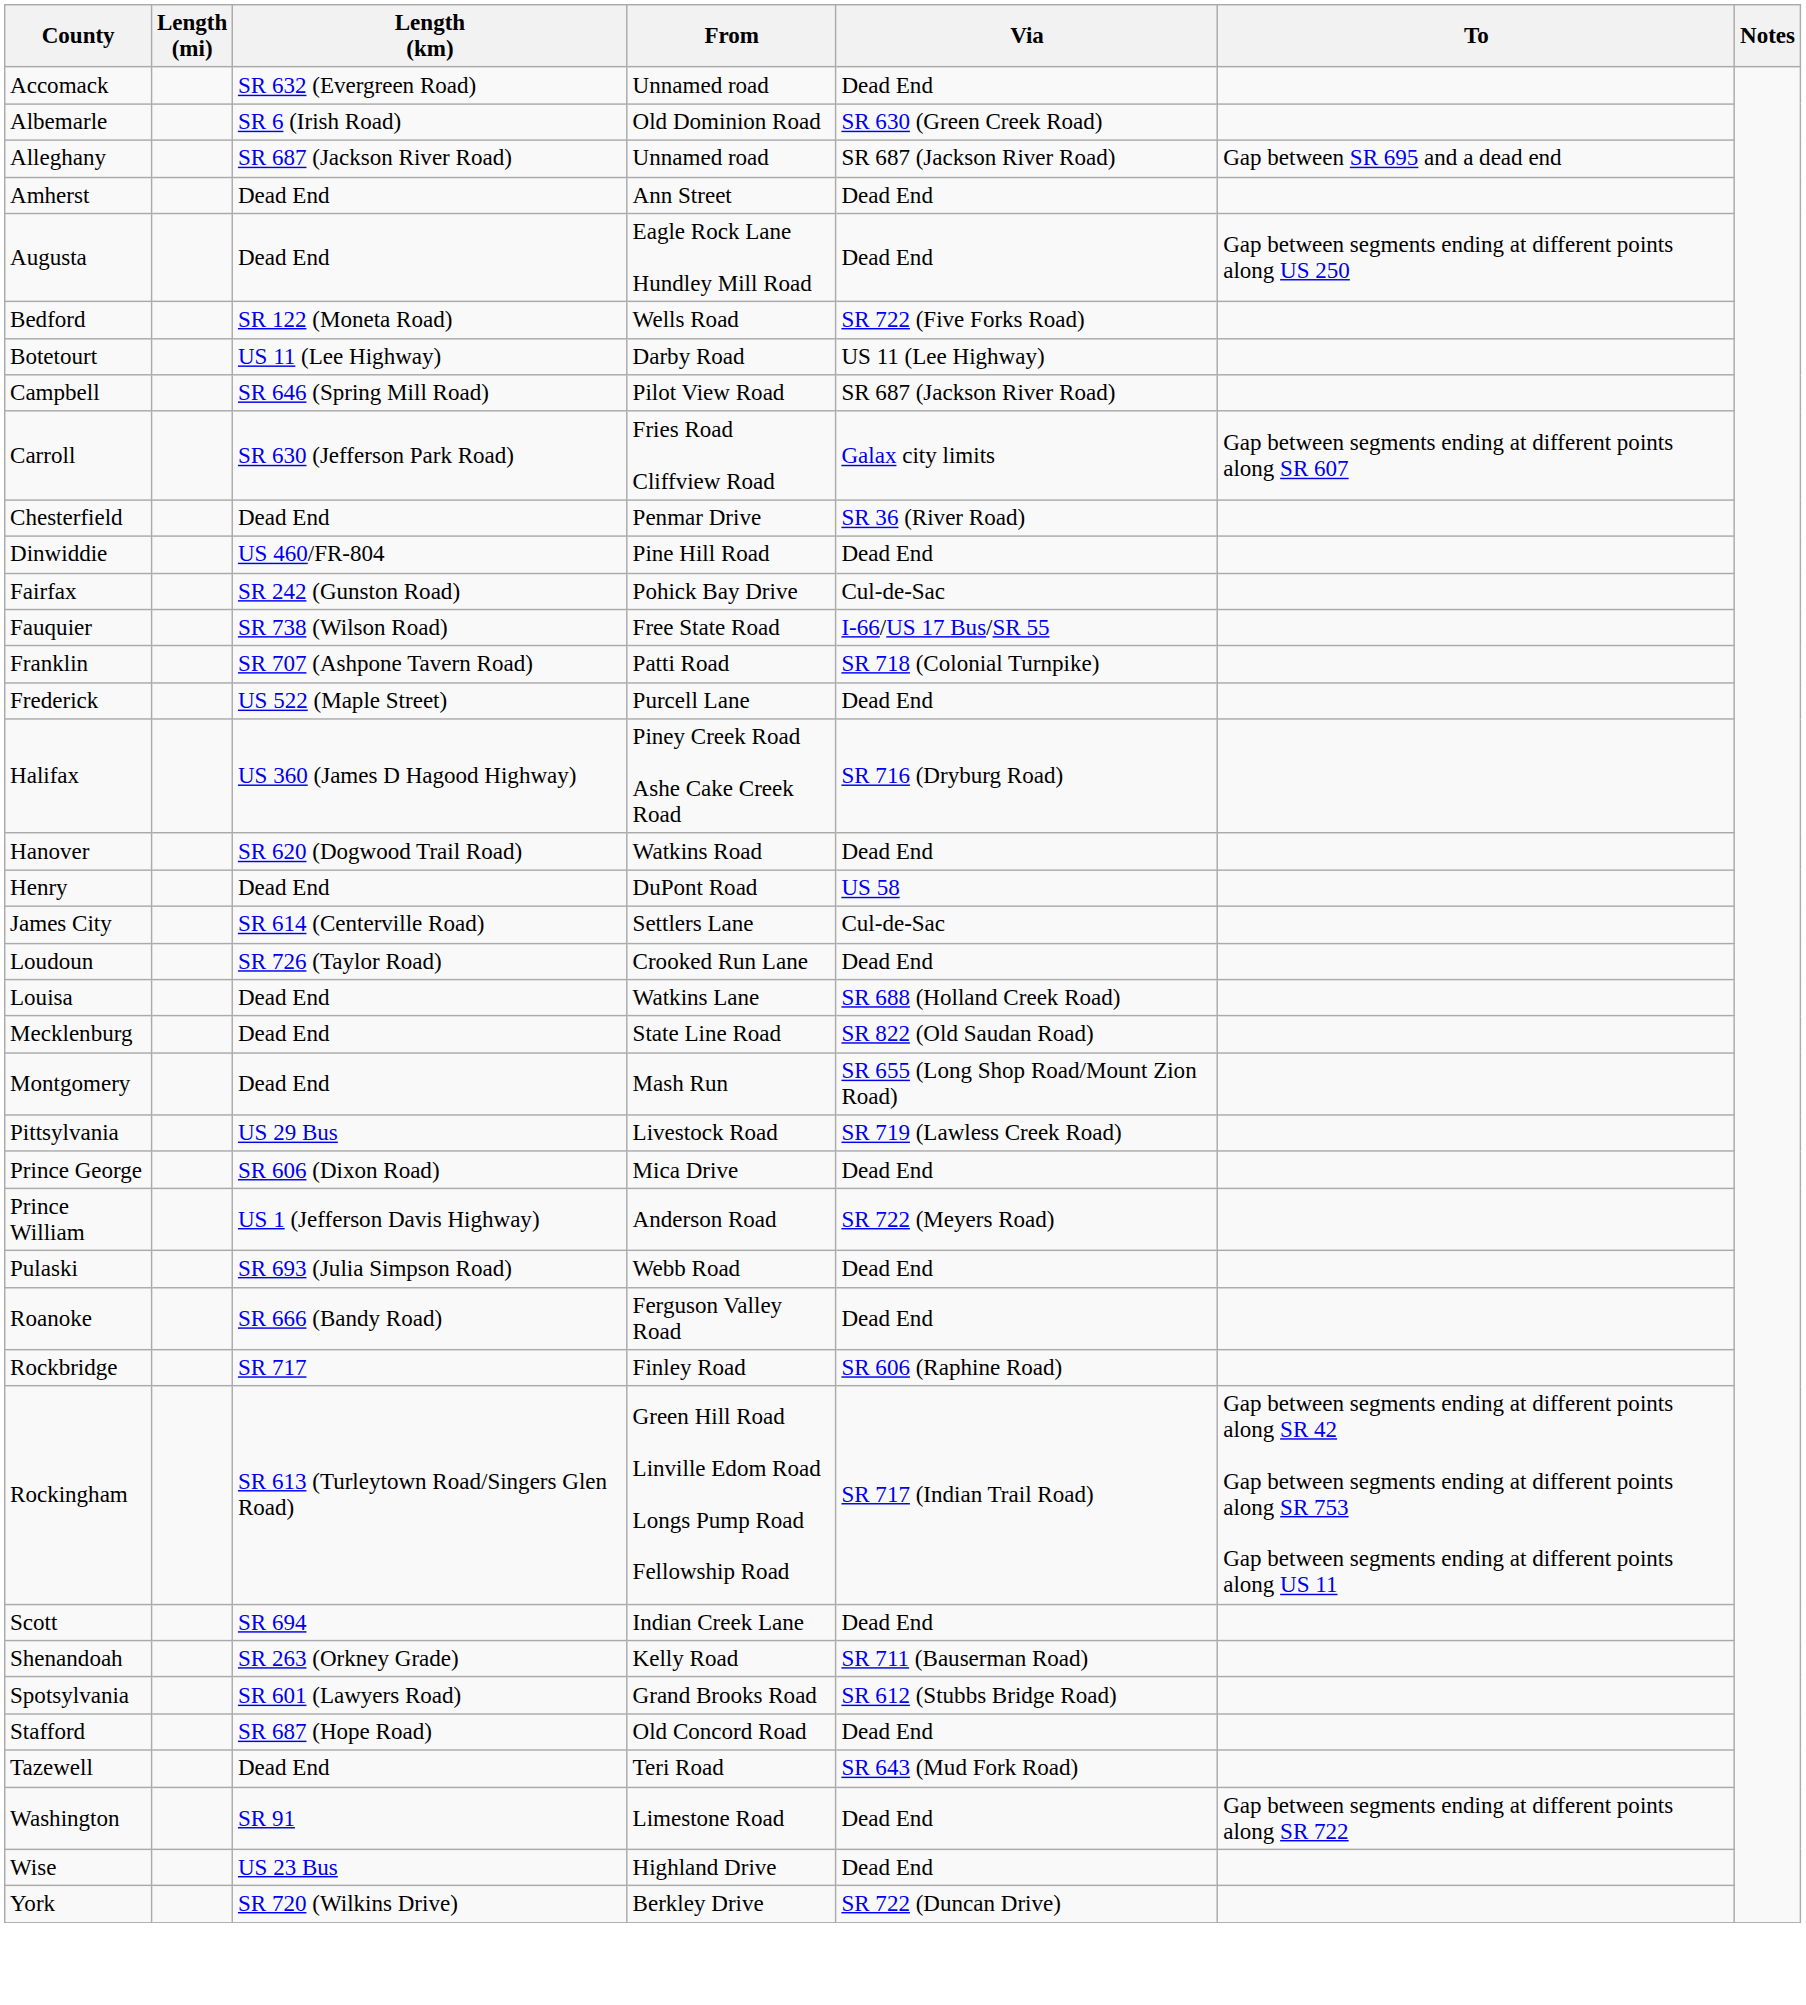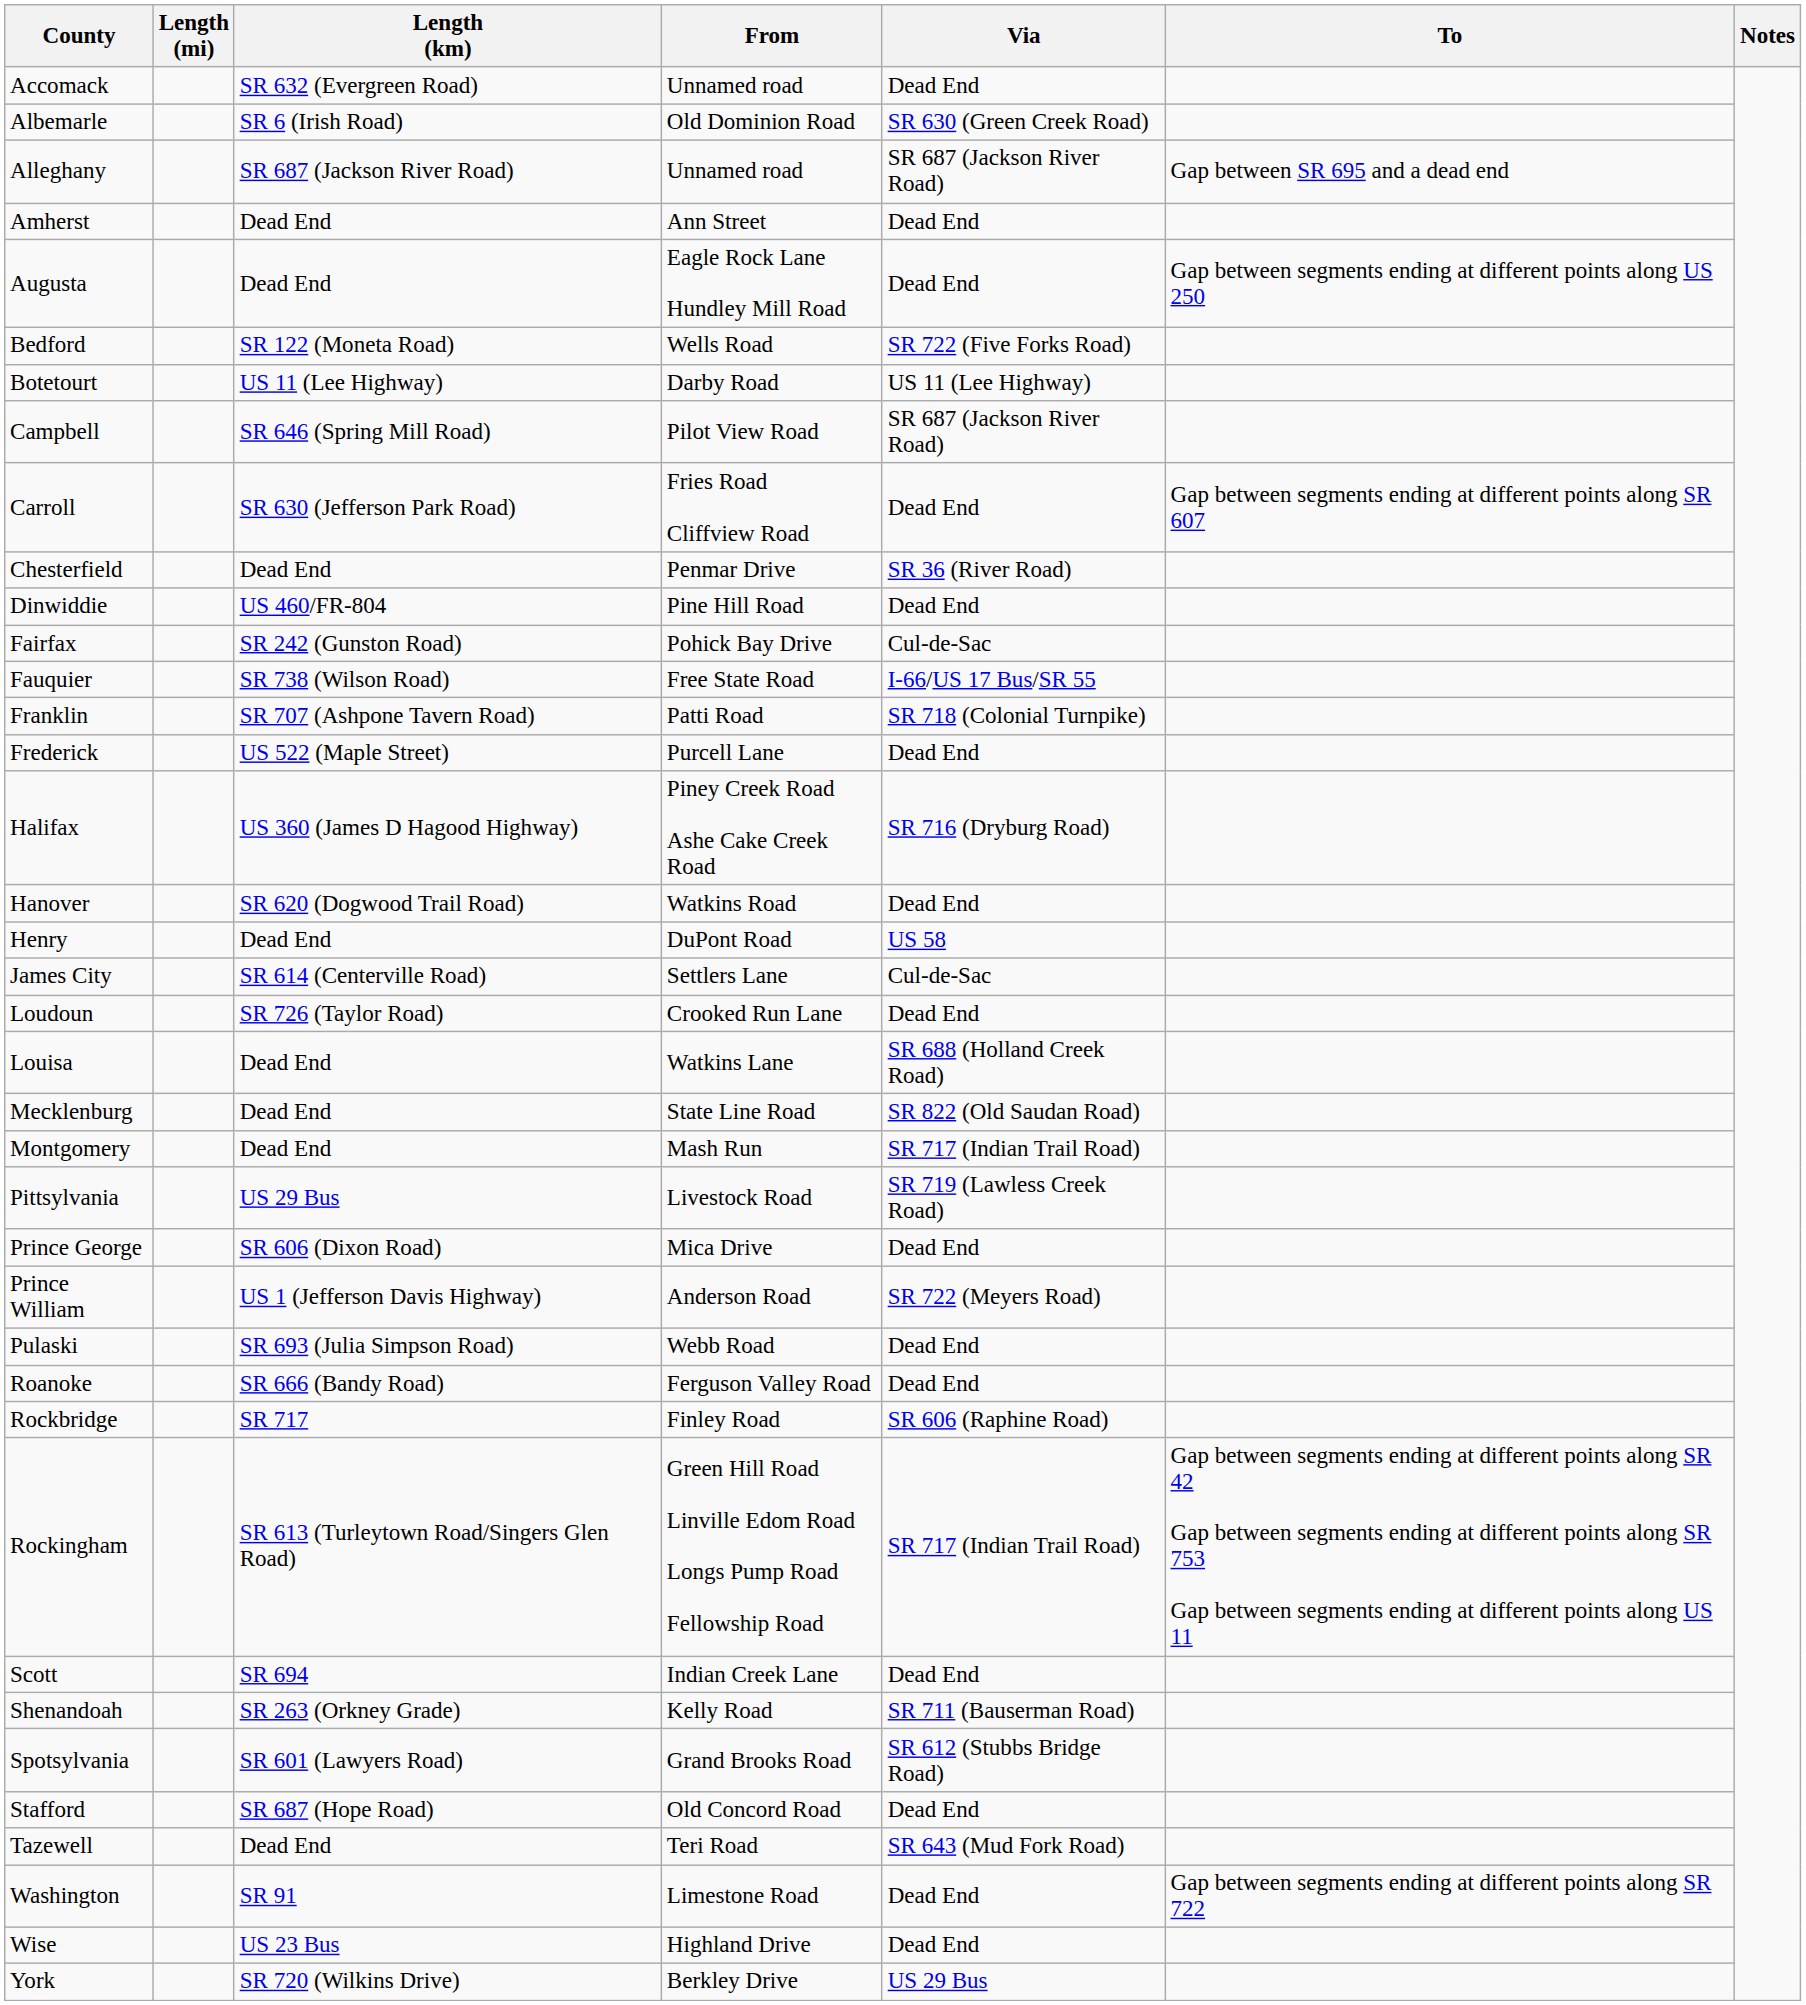 <table class="wikitable sortable">
 <tr>
 <th>County</th>
 <th>Length<br>(mi)</th>
 <th>Length<br>(km)</th>
 <th class="unsortable">From</th>
 <th class="unsortable">Via</th>
 <th class="unsortable">To</th>
 <th class="unsortable">Notes</th>
 </tr>
 <tr>
 <td id="Accomack">Accomack</td>
 <td></td>
 <td><a href='#'>SR 632</a> (Evergreen Road)</td>
 <td>Unnamed road</td>
 <td>Dead End</td>
 <td></td>
 </tr>
 <tr>
 <td id="Albemarle">Albemarle</td>
 <td></td>
 <td><a href='#'>SR 6</a> (Irish Road)</td>
 <td>Old Dominion Road</td>
 <td><a href='#'>SR 630</a> (Green Creek Road)</td>
 <td></td>
 </tr>
 <tr>
 <td id="Alleghany">Alleghany</td>
 <td></td>
 <td><a href='#'>SR 687</a> (Jackson River Road)</td>
 <td>Unnamed road</td>
 <td>SR 687 (Jackson River Road)</td>
 <td>Gap between <a href='#'>SR 695</a> and a dead end<br></td>
 </tr>
 <tr>
 <td id="Amherst">Amherst</td>
 <td></td>
 <td>Dead End</td>
 <td>Ann Street</td>
 <td>Dead End</td>
 <td><br> </td>
 </tr>
 <tr>
 <td id="Augusta">Augusta</td>
 <td></td>
 <td>Dead End</td>
 <td>Eagle Rock Lane<br><br>Hundley Mill Road</td>
 <td>Dead End</td>
 <td>Gap between segments ending at different points along <a href='#'>US 250</a><br></td>
 </tr>
 <tr>
 <td id="Bedford">Bedford</td>
 <td></td>
 <td><a href='#'>SR 122</a> (Moneta Road)</td>
 <td>Wells Road</td>
 <td><a href='#'>SR 722</a> (Five Forks Road)</td>
 <td><br></td>
 </tr>
 <tr>
 <td id="Botetourt">Botetourt</td>
 <td></td>
 <td><a href='#'>US 11</a> (Lee Highway)</td>
 <td>Darby Road</td>
 <td>US 11 (Lee Highway)</td>
 <td><br>  </td>
 </tr>
 <tr>
 <td id="Campbell">Campbell</td>
 <td></td>
 <td><a href='#'>SR 646</a> (Spring Mill Road)</td>
 <td>Pilot View Road</td>
 <td>SR 687 (Jackson River Road)</td>
 <td><br></td>
 </tr>
 <tr>
 <td id="Carroll">Carroll</td>
 <td></td>
 <td><a href='#'>SR 630</a> (Jefferson Park Road)</td>
 <td>Fries Road<br><br>Cliffview Road</td>
-<td><a href='#'>Galax</a> city limits</td>
+<td>Dead End</td>
 <td>Gap between segments ending at different points along <a href='#'>SR 607</a><br> </td>
 </tr>
 <tr>
 <td id="Chesterfield">Chesterfield</td>
 <td></td>
 <td>Dead End</td>
 <td>Penmar Drive</td>
 <td><a href='#'>SR 36</a> (River Road)</td>
 <td><br>    </td>
 </tr>
 <tr>
 <td id="Dinwiddie">Dinwiddie</td>
 <td></td>
 <td><a href='#'>US 460</a>/FR-804</td>
 <td>Pine Hill Road</td>
 <td>Dead End</td>
 <td><br></td>
 </tr>
 <tr>
 <td id="Fairfax">Fairfax</td>
 <td></td>
 <td><a href='#'>SR 242</a> (Gunston Road)</td>
 <td>Pohick Bay Drive</td>
 <td>Cul-de-Sac</td>
 <td></td>
 </tr>
 <tr>
 <td id="Fauquier">Fauquier</td>
 <td></td>
 <td><a href='#'>SR 738</a> (Wilson Road)</td>
 <td>Free State Road</td>
 <td><a href='#'>I-66</a>/<a href='#'>US 17 Bus</a>/<a href='#'>SR 55</a></td>
 <td><br> </td>
 </tr>
 <tr>
 <td id="Franklin">Franklin</td>
 <td></td>
 <td><a href='#'>SR 707</a> (Ashpone Tavern Road)</td>
 <td>Patti Road</td>
 <td><a href='#'>SR 718</a> (Colonial Turnpike)</td>
 <td></td>
 </tr>
 <tr>
 <td id="Frederick">Frederick</td>
 <td></td>
 <td><a href='#'>US 522</a> (Maple Street)</td>
 <td>Purcell Lane</td>
 <td>Dead End</td>
 <td><br>     </td>
 </tr>
 <tr>
 <td id="Halifax">Halifax</td>
 <td></td>
 <td><a href='#'>US 360</a> (James D Hagood Highway)</td>
 <td>Piney Creek Road<br><br>Ashe Cake Creek Road</td>
 <td><a href='#'>SR 716</a> (Dryburg Road)</td>
 <td></td>
 </tr>
 <tr>
 <td id="Hanover">Hanover</td>
 <td></td>
 <td><a href='#'>SR 620</a> (Dogwood Trail Road)</td>
 <td>Watkins Road</td>
 <td>Dead End</td>
 <td><br></td>
 </tr>
 <tr>
 <td id="Henry">Henry</td>
 <td></td>
 <td>Dead End</td>
 <td>DuPont Road</td>
 <td><a href='#'>US 58</a></td>
 <td><br> </td>
 </tr>
 <tr>
 <td id="James City">James City</td>
 <td></td>
 <td><a href='#'>SR 614</a> (Centerville Road)</td>
 <td>Settlers Lane</td>
 <td>Cul-de-Sac</td>
 <td><br>    </td>
 </tr>
 <tr>
 <td id="Loudoun">Loudoun</td>
 <td></td>
 <td><a href='#'>SR 726</a> (Taylor Road)</td>
 <td>Crooked Run Lane</td>
 <td>Dead End</td>
 <td></td>
 </tr>
 <tr>
 <td id="Louisa">Louisa</td>
 <td></td>
 <td>Dead End</td>
 <td>Watkins Lane</td>
 <td><a href='#'>SR 688</a> (Holland Creek Road)</td>
 <td><br>  </td>
 </tr>
 <tr>
 <td id="Mecklenburg">Mecklenburg</td>
 <td></td>
 <td>Dead End</td>
 <td>State Line Road</td>
 <td><a href='#'>SR 822</a> (Old Saudan Road)</td>
 <td><br></td>
 </tr>
 <tr>
 <td id="Montgomery">Montgomery</td>
 <td></td>
 <td>Dead End</td>
 <td>Mash Run</td>
-<td><a href='#'>SR 655</a> (Long Shop Road/Mount Zion Road)</td>
+<td><a href='#'>SR 717</a> (Indian Trail Road)</td>
 <td><br>       </td>
 </tr>
 <tr>
 <td id="Pittsylvania">Pittsylvania</td>
 <td></td>
 <td><a href='#'>US 29 Bus</a></td>
 <td>Livestock Road</td>
 <td><a href='#'>SR 719</a> (Lawless Creek Road)</td>
 <td><br> </td>
 </tr>
 <tr>
 <td id="Prince George">Prince George</td>
 <td></td>
 <td><a href='#'>SR 606</a> (Dixon Road)</td>
 <td>Mica Drive</td>
 <td>Dead End</td>
 <td></td>
 </tr>
 <tr>
 <td id="Prince William">Prince William</td>
 <td></td>
 <td><a href='#'>US 1</a> (Jefferson Davis Highway)</td>
 <td>Anderson Road</td>
 <td><a href='#'>SR 722</a> (Meyers Road)</td>
 <td></td>
 </tr>
 <tr>
 <td id="Pulaski">Pulaski</td>
 <td></td>
 <td><a href='#'>SR 693</a> (Julia Simpson Road)</td>
 <td>Webb Road</td>
 <td>Dead End</td>
 <td><br> </td>
 </tr>
 <tr>
 <td id="Roanoke">Roanoke</td>
 <td></td>
 <td><a href='#'>SR 666</a> (Bandy Road)</td>
 <td>Ferguson Valley Road</td>
 <td>Dead End</td>
 <td></td>
 </tr>
 <tr>
 <td id="Rockbridge">Rockbridge</td>
 <td></td>
 <td><a href='#'>SR 717</a></td>
 <td>Finley Road</td>
 <td><a href='#'>SR 606</a> (Raphine Road)</td>
 <td></td>
 </tr>
 <tr>
 <td id="Rockingham">Rockingham</td>
 <td></td>
 <td><a href='#'>SR 613</a> (Turleytown Road/Singers Glen Road)</td>
 <td>Green Hill Road<br><br>Linville Edom Road<br><br>Longs Pump Road<br><br>Fellowship Road</td>
 <td><a href='#'>SR 717</a> (Indian Trail Road)</td>
 <td>Gap between segments ending at different points along <a href='#'>SR 42</a><br><br>Gap between segments ending at different points along <a href='#'>SR 753</a><br><br>Gap between segments ending at different points along <a href='#'>US 11</a><br></td>
 </tr>
 <tr>
 <td id="Scott">Scott</td>
 <td></td>
 <td><a href='#'>SR 694</a></td>
 <td>Indian Creek Lane</td>
 <td>Dead End</td>
 <td></td>
 </tr>
 <tr>
 <td id="Shenandoah">Shenandoah</td>
 <td></td>
 <td><a href='#'>SR 263</a> (Orkney Grade)</td>
 <td>Kelly Road</td>
 <td><a href='#'>SR 711</a> (Bauserman Road)</td>
 <td><br> </td>
 </tr>
 <tr>
 <td id="Spotsylvania">Spotsylvania</td>
 <td></td>
 <td><a href='#'>SR 601</a> (Lawyers Road)</td>
 <td>Grand Brooks Road</td>
 <td><a href='#'>SR 612</a> (Stubbs Bridge Road)</td>
 <td></td>
 </tr>
 <tr>
 <td id="Stafford">Stafford</td>
 <td></td>
 <td><a href='#'>SR 687</a> (Hope Road)</td>
 <td>Old Concord Road</td>
 <td>Dead End</td>
 <td><br> </td>
 </tr>
 <tr>
 <td id="Tazewell">Tazewell</td>
 <td></td>
 <td>Dead End</td>
 <td>Teri Road</td>
 <td><a href='#'>SR 643</a> (Mud Fork Road)</td>
 <td><br></td>
 </tr>
 <tr>
 <td id="Washington">Washington</td>
 <td></td>
 <td><a href='#'>SR 91</a></td>
 <td>Limestone Road</td>
 <td>Dead End</td>
 <td>Gap between segments ending at different points along <a href='#'>SR 722</a><br></td>
 </tr>
 <tr>
 <td id="Wise">Wise</td>
 <td></td>
 <td><a href='#'>US 23 Bus</a></td>
 <td>Highland Drive</td>
 <td>Dead End</td>
 <td><br></td>
 </tr>
 <tr>
 <td id="York">York</td>
 <td></td>
 <td><a href='#'>SR 720</a> (Wilkins Drive)</td>
 <td>Berkley Drive</td>
-<td><a href='#'>SR 722</a> (Duncan Drive)</td>
+<td><a href='#'>US 29 Bus</a></td>
 <td></td>
 </tr>
 </table>
